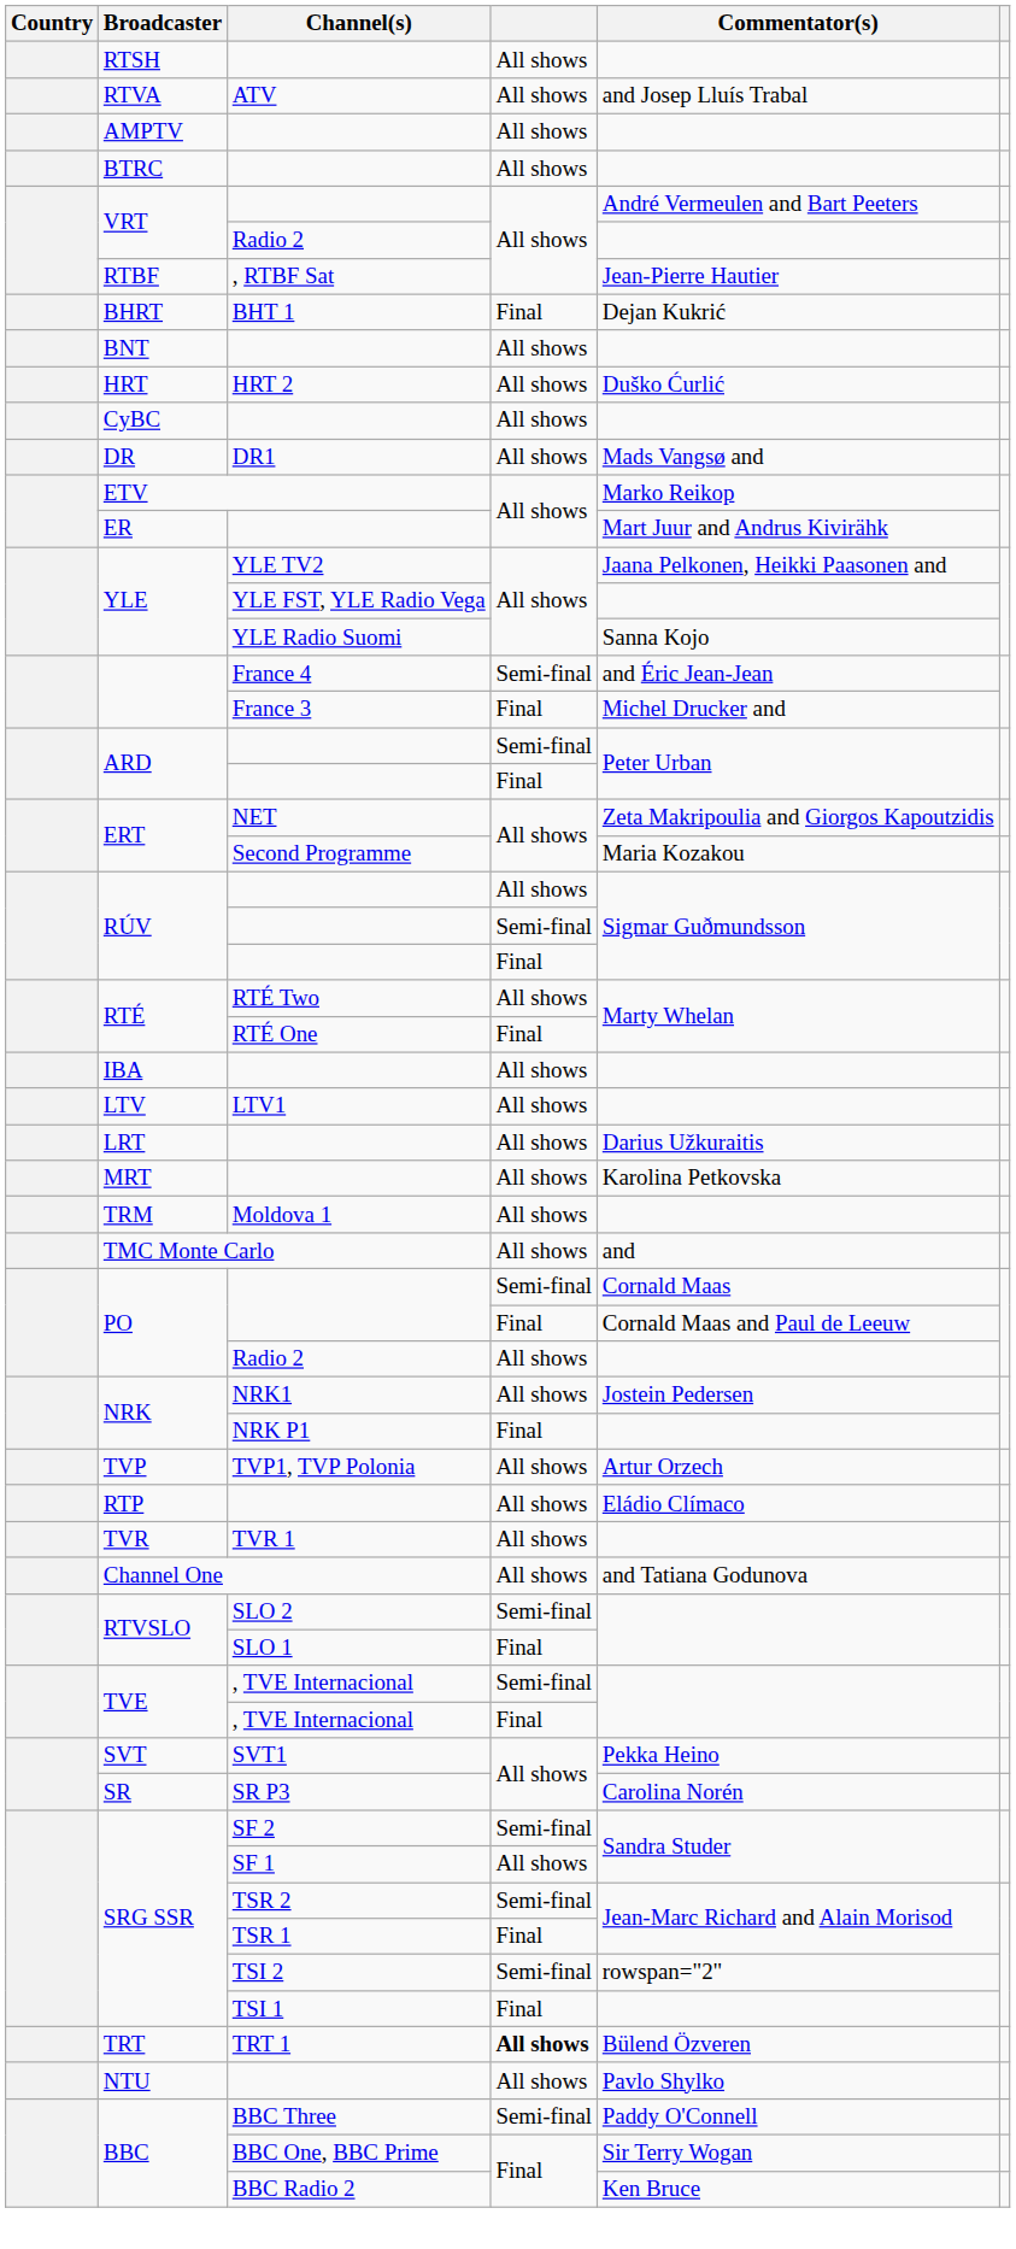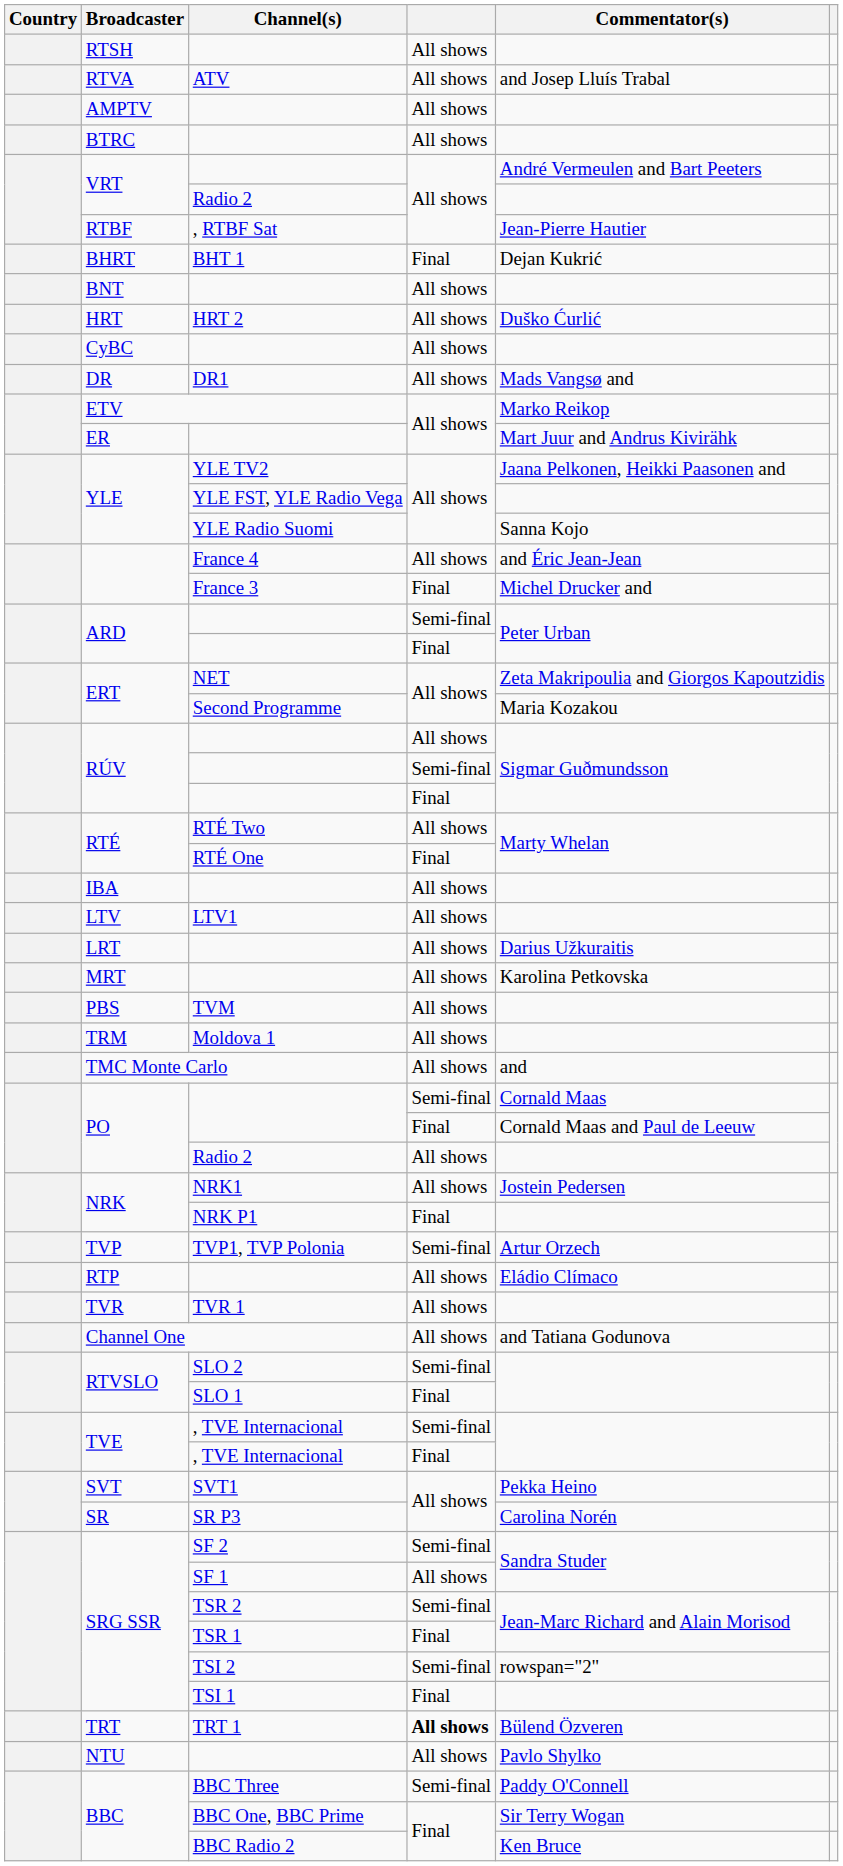 <table class="wikitable plainrowheaders">
 <tr>
 <th scope="col">Country</th>
 <th scope="col">Broadcaster</th>
 <th scope="col">Channel(s)</th>
 <th scope="col"></th>
 <th scope="col">Commentator(s)</th>
 <th scope="col"></th>
 </tr>
 <tr>
 <th scope="row"></th>
 <td><a href='#'>RTSH</a></td>
 <td></td>
 <td>All shows</td>
 <td></td>
 <td></td>
 </tr>
 <tr>
 <th scope="row"></th>
 <td><a href='#'>RTVA</a></td>
 <td><a href='#'>ATV</a></td>
 <td>All shows</td>
 <td> and Josep Lluís Trabal</td>
 <td></td>
 </tr>
 <tr>
 <th scope="row"></th>
 <td><a href='#'>AMPTV</a></td>
 <td></td>
 <td>All shows</td>
 <td></td>
 <td></td>
 </tr>
 <tr>
 <th scope="row"></th>
 <td><a href='#'>BTRC</a></td>
 <td></td>
 <td>All shows</td>
 <td></td>
 <td></td>
 </tr>
 <tr>
 <th scope="rowgroup" rowspan="3"></th>
 <td rowspan="2"><a href='#'>VRT</a></td>
 <td></td>
 <td rowspan="3">All shows</td>
 <td><a href='#'>André Vermeulen</a> and <a href='#'>Bart Peeters</a></td>
 <td></td>
 </tr>
 <tr>
 <td><a href='#'>Radio 2</a></td>
 <td></td>
 <td></td>
 </tr>
 <tr>
 <td><a href='#'>RTBF</a></td>
 <td>, <a href='#'>RTBF Sat</a></td>
 <td><a href='#'>Jean-Pierre Hautier</a></td>
 <td></td>
 </tr>
 <tr>
 <th scope="row"></th>
 <td><a href='#'>BHRT</a></td>
 <td><a href='#'>BHT 1</a></td>
 <td>Final</td>
 <td>Dejan Kukrić</td>
 <td></td>
 </tr>
 <tr>
 <th scope="row"></th>
 <td><a href='#'>BNT</a></td>
 <td></td>
 <td>All shows</td>
 <td></td>
 <td></td>
 </tr>
 <tr>
 <th scope="rowgroup"></th>
 <td><a href='#'>HRT</a></td>
 <td><a href='#'>HRT 2</a></td>
 <td>All shows</td>
 <td><a href='#'>Duško Ćurlić</a></td>
 <td></td>
 </tr>
 <tr>
 <th scope="row"></th>
 <td><a href='#'>CyBC</a></td>
 <td></td>
 <td>All shows</td>
 <td></td>
 <td></td>
 </tr>
 <tr>
 <th scope="row"></th>
 <td><a href='#'>DR</a></td>
 <td><a href='#'>DR1</a></td>
 <td>All shows</td>
 <td><a href='#'>Mads Vangsø</a> and </td>
 <td></td>
 </tr>
 <tr>
 <th scope="rowgroup" rowspan="2"></th>
 <td colspan="2"><a href='#'>ETV</a></td>
 <td rowspan="2">All shows</td>
 <td><a href='#'>Marko Reikop</a></td>
 <td rowspan="2"></td>
 </tr>
 <tr>
 <td><a href='#'>ER</a></td>
 <td></td>
 <td><a href='#'>Mart Juur</a> and <a href='#'>Andrus Kivirähk</a></td>
 </tr>
 <tr>
 <th scope="rowgroup" rowspan="3"></th>
 <td rowspan="3"><a href='#'>YLE</a></td>
 <td><a href='#'>YLE TV2</a></td>
 <td rowspan="3">All shows</td>
 <td><a href='#'>Jaana Pelkonen</a>, <a href='#'>Heikki Paasonen</a> and </td>
 <td rowspan="3"></td>
 </tr>
 <tr>
 <td><a href='#'>YLE FST</a>, <a href='#'>YLE Radio Vega</a></td>
 <td></td>
 </tr>
 <tr>
 <td><a href='#'>YLE Radio Suomi</a></td>
 <td>Sanna Kojo</td>
 </tr>
 <tr>
 <th scope="rowgroup" rowspan="2"></th>
 <td rowspan="2"></td>
 <td><a href='#'>France 4</a></td>
-<td>Semi-final</td>
+<td>All shows</td>
 <td> and <a href='#'>Éric Jean-Jean</a></td>
 <td rowspan="2"></td>
 </tr>
 <tr>
 <td><a href='#'>France 3</a></td>
 <td>Final</td>
 <td><a href='#'>Michel Drucker</a> and </td>
 </tr>
 <tr>
 <th scope="rowgroup" rowspan="2"></th>
 <td rowspan="2"><a href='#'>ARD</a></td>
 <td></td>
 <td>Semi-final</td>
 <td rowspan="2"><a href='#'>Peter Urban</a></td>
 <td rowspan="2"></td>
 </tr>
 <tr>
 <td></td>
 <td>Final</td>
 </tr>
 <tr>
 <th scope="rowgroup" rowspan="2"></th>
 <td rowspan="2"><a href='#'>ERT</a></td>
 <td><a href='#'>NET</a></td>
 <td rowspan="2">All shows</td>
 <td><a href='#'>Zeta Makripoulia</a> and <a href='#'>Giorgos Kapoutzidis</a></td>
 <td></td>
 </tr>
 <tr>
 <td><a href='#'>Second Programme</a></td>
 <td>Maria Kozakou</td>
 <td></td>
 </tr>
 <tr>
 <th scope="rowgroup" rowspan="3"></th>
 <td rowspan="3"><a href='#'>RÚV</a></td>
 <td></td>
 <td>All shows</td>
 <td rowspan="3"><a href='#'>Sigmar Guðmundsson</a></td>
 <td rowspan="3"></td>
 </tr>
 <tr>
 <td></td>
 <td>Semi-final</td>
 </tr>
 <tr>
 <td></td>
 <td>Final</td>
 </tr>
 <tr>
 <th scope="rowgroup" rowspan="2"></th>
 <td rowspan="2"><a href='#'>RTÉ</a></td>
 <td><a href='#'>RTÉ Two</a></td>
 <td>All shows</td>
 <td rowspan="2"><a href='#'>Marty Whelan</a></td>
 <td rowspan="2"></td>
 </tr>
 <tr>
 <td><a href='#'>RTÉ One</a></td>
 <td>Final</td>
 </tr>
 <tr>
 <th scope="row"></th>
 <td><a href='#'>IBA</a></td>
 <td></td>
 <td>All shows</td>
 <td></td>
 <td></td>
 </tr>
 <tr>
 <th scope="row"></th>
 <td><a href='#'>LTV</a></td>
 <td><a href='#'>LTV1</a></td>
 <td>All shows</td>
 <td></td>
 <td></td>
 </tr>
 <tr>
 <th scope="row"></th>
 <td><a href='#'>LRT</a></td>
 <td></td>
 <td>All shows</td>
 <td><a href='#'>Darius Užkuraitis</a></td>
 <td></td>
 </tr>
 <tr>
 <th scope="row"></th>
 <td><a href='#'>MRT</a></td>
 <td></td>
 <td>All shows</td>
 <td>Karolina Petkovska</td>
 <td></td>
 </tr>
 <tr>
 <th scope="row"></th>
+<td><a href='#'>PBS</a></td>
+<td><a href='#'>TVM</a></td>
+<td>All shows</td>
+<td></td>
+<td></td>
+</tr>
+<tr>
+<th scope="row"></th>
 <td><a href='#'>TRM</a></td>
 <td><a href='#'>Moldova 1</a></td>
 <td>All shows</td>
 <td></td>
 <td></td>
 </tr>
 <tr>
 <th scope="row"></th>
 <td colspan="2"><a href='#'>TMC Monte Carlo</a></td>
 <td>All shows</td>
 <td> and </td>
 <td></td>
 </tr>
 <tr>
 <th scope="rowgroup" rowspan="3"></th>
 <td rowspan="3"><a href='#'>PO</a></td>
 <td rowspan="2"></td>
 <td>Semi-final</td>
 <td><a href='#'>Cornald Maas</a></td>
 <td rowspan="3"></td>
 </tr>
 <tr>
 <td>Final</td>
 <td>Cornald Maas and <a href='#'>Paul de Leeuw</a></td>
 </tr>
 <tr>
 <td><a href='#'>Radio 2</a></td>
 <td>All shows</td>
 <td></td>
 </tr>
 <tr>
 <th scope="rowgroup" rowspan="2"></th>
 <td rowspan="2"><a href='#'>NRK</a></td>
 <td><a href='#'>NRK1</a></td>
 <td>All shows</td>
 <td><a href='#'>Jostein Pedersen</a></td>
 <td rowspan="2"></td>
 </tr>
 <tr>
 <td><a href='#'>NRK P1</a></td>
 <td>Final</td>
 <td></td>
 </tr>
 <tr>
 <th scope="row"></th>
 <td><a href='#'>TVP</a></td>
 <td><a href='#'>TVP1</a>, <a href='#'>TVP Polonia</a></td>
-<td>All shows</td>
+<td>Semi-final</td>
 <td><a href='#'>Artur Orzech</a></td>
 <td></td>
 </tr>
 <tr>
 <th scope="row"></th>
 <td><a href='#'>RTP</a></td>
 <td></td>
 <td>All shows</td>
 <td><a href='#'>Eládio Clímaco</a></td>
 <td></td>
 </tr>
 <tr>
 <th scope="row"></th>
 <td><a href='#'>TVR</a></td>
 <td><a href='#'>TVR 1</a></td>
 <td>All shows</td>
 <td></td>
 <td></td>
 </tr>
 <tr>
 <th scope="row"></th>
 <td colspan="2"><a href='#'>Channel One</a></td>
 <td>All shows</td>
 <td> and Tatiana Godunova</td>
 <td></td>
 </tr>
 <tr>
 <th scope="rowgroup" rowspan="2"></th>
 <td rowspan="2"><a href='#'>RTVSLO</a></td>
 <td><a href='#'>SLO 2</a></td>
 <td>Semi-final</td>
 <td rowspan="2"></td>
 <td rowspan="2"></td>
 </tr>
 <tr>
 <td><a href='#'>SLO 1</a></td>
 <td>Final</td>
 </tr>
 <tr>
 <th scope="rowgroup" rowspan="2"></th>
 <td rowspan="2"><a href='#'>TVE</a></td>
 <td>, <a href='#'>TVE Internacional</a></td>
 <td>Semi-final</td>
 <td rowspan="2"></td>
 <td rowspan="2"></td>
 </tr>
 <tr>
 <td>, <a href='#'>TVE Internacional</a></td>
 <td>Final</td>
 </tr>
 <tr>
 <th scope="rowgroup" rowspan="2"></th>
 <td><a href='#'>SVT</a></td>
 <td><a href='#'>SVT1</a></td>
 <td rowspan="2">All shows</td>
 <td><a href='#'>Pekka Heino</a></td>
 <td></td>
 </tr>
 <tr>
 <td><a href='#'>SR</a></td>
 <td><a href='#'>SR P3</a></td>
 <td><a href='#'>Carolina Norén</a></td>
 <td></td>
 </tr>
 <tr>
 <th scope="rowgroup" rowspan="6"></th>
 <td rowspan="6"><a href='#'>SRG SSR</a></td>
 <td><a href='#'>SF 2</a></td>
 <td>Semi-final</td>
 <td rowspan="2"><a href='#'>Sandra Studer</a></td>
 <td rowspan="2"></td>
 </tr>
 <tr>
 <td><a href='#'>SF 1</a></td>
 <td>All shows</td>
 </tr>
 <tr>
 <td><a href='#'>TSR 2</a></td>
 <td>Semi-final</td>
 <td rowspan="2"><a href='#'>Jean-Marc Richard</a> and <a href='#'>Alain Morisod</a></td>
 <td rowspan="4"></td>
 </tr>
 <tr>
 <td><a href='#'>TSR 1</a></td>
 <td>Final</td>
 </tr>
 <tr>
 <td><a href='#'>TSI 2</a></td>
 <td>Semi-final</td>
 <td>rowspan="2" </td>
 </tr>
 <tr>
 <td><a href='#'>TSI 1</a></td>
 <td>Final</td>
 </tr>
 <tr>
 <th scope="row"></th>
 <td><a href='#'>TRT</a></td>
 <td><a href='#'>TRT 1</a></td>
 <td><strong>All shows</strong></td>
 <td><a href='#'>Bülend Özveren</a></td>
 <td></td>
 </tr>
 <tr>
 <th scope="row"></th>
 <td><a href='#'>NTU</a></td>
 <td></td>
 <td>All shows</td>
 <td><a href='#'>Pavlo Shylko</a></td>
 <td></td>
 </tr>
 <tr>
 <th scope="rowgroup" rowspan="3"></th>
 <td rowspan="3"><a href='#'>BBC</a></td>
 <td><a href='#'>BBC Three</a></td>
 <td>Semi-final</td>
 <td><a href='#'>Paddy O'Connell</a></td>
 <td></td>
 </tr>
 <tr>
 <td><a href='#'>BBC One</a>, <a href='#'>BBC Prime</a></td>
 <td rowspan="2">Final</td>
 <td><a href='#'>Sir Terry Wogan</a></td>
 <td></td>
 </tr>
 <tr>
 <td><a href='#'>BBC Radio 2</a></td>
 <td><a href='#'>Ken Bruce</a></td>
 <td></td>
 </tr>
 </table>
